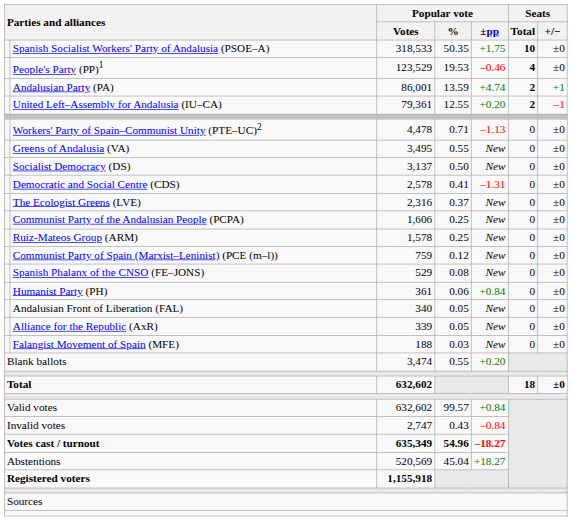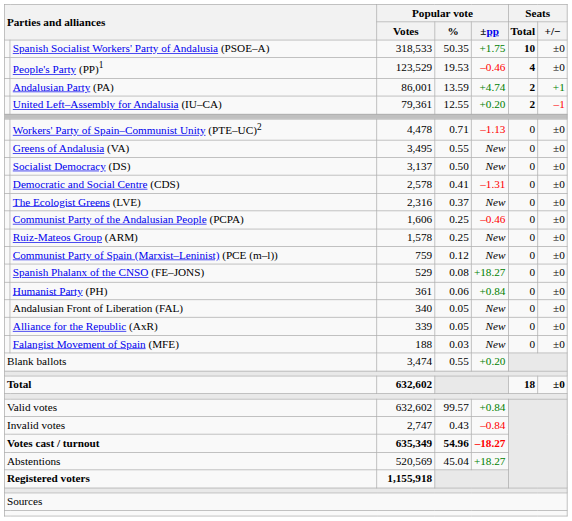 <table class="wikitable" style="text-align:right;">
 <tr>
 <th style="text-align:left;" rowspan="2" colspan="2" width="525">Parties and alliances</th>
 <th colspan="3">Popular vote</th>
 <th colspan="2">Seats</th>
 </tr>
 <tr>
 <th width="75">Votes</th>
 <th width="45">%</th>
 <th width="45">±<a href='#'>pp</a></th>
 <th width="35">Total</th>
 <th width="35">+/−</th>
 </tr>
 <tr>
 <td width="1" style="color:inherit;background:"></td>
 <td align="left"><a href='#'>Spanish Socialist Workers' Party of Andalusia</a> (PSOE–A)</td>
 <td>318,533</td>
 <td>50.35</td>
 <td style="color:green;">+1.75</td>
 <td><strong>10</strong></td>
 <td>±0</td>
 </tr>
 <tr>
 <td style="color:inherit;background:"></td>
 <td align="left"><a href='#'>People's Party</a> (PP)<sup>1</sup></td>
 <td>123,529</td>
 <td>19.53</td>
 <td style="color:red;">–0.46</td>
 <td><strong>4</strong></td>
 <td>±0</td>
 </tr>
 <tr>
 <td style="color:inherit;background:"></td>
 <td align="left"><a href='#'>Andalusian Party</a> (PA)</td>
 <td>86,001</td>
 <td>13.59</td>
 <td style="color:green;">+4.74</td>
 <td><strong>2</strong></td>
 <td style="color:green;">+1</td>
 </tr>
 <tr>
 <td style="color:inherit;background:"></td>
 <td align="left"><a href='#'>United Left–Assembly for Andalusia</a> (IU–CA)</td>
 <td>79,361</td>
 <td>12.55</td>
 <td style="color:green;">+0.20</td>
 <td><strong>2</strong></td>
 <td style="color:red;">–1</td>
 </tr>
 <tr>
 <td colspan="7" bgcolor="#C0C0C0"></td>
 </tr>
 <tr>
 <td style="color:inherit;background:"></td>
 <td align="left"><a href='#'>Workers' Party of Spain–Communist Unity</a> (PTE–UC)<sup>2</sup></td>
 <td>4,478</td>
 <td>0.71</td>
 <td style="color:red;">–1.13</td>
 <td>0</td>
 <td>±0</td>
 </tr>
 <tr>
 <td style="color:inherit;background:"></td>
 <td align="left"><a href='#'>Greens of Andalusia</a> (VA)</td>
 <td>3,495</td>
 <td>0.55</td>
 <td><em>New</em></td>
 <td>0</td>
 <td>±0</td>
 </tr>
 <tr>
 <td style="color:inherit;background:"></td>
 <td align="left"><a href='#'>Socialist Democracy</a> (DS)</td>
 <td>3,137</td>
 <td>0.50</td>
 <td><em>New</em></td>
 <td>0</td>
 <td>±0</td>
 </tr>
 <tr>
 <td style="color:inherit;background:"></td>
 <td align="left"><a href='#'>Democratic and Social Centre</a> (CDS)</td>
 <td>2,578</td>
 <td>0.41</td>
 <td style="color:red;">–1.31</td>
 <td>0</td>
 <td>±0</td>
 </tr>
 <tr>
 <td style="color:inherit;background:"></td>
 <td align="left"><a href='#'>The Ecologist Greens</a> (LVE)</td>
 <td>2,316</td>
 <td>0.37</td>
 <td><em>New</em></td>
 <td>0</td>
 <td>±0</td>
 </tr>
 <tr>
 <td style="color:inherit;background:"></td>
 <td align="left"><a href='#'>Communist Party of the Andalusian People</a> (PCPA)</td>
 <td>1,606</td>
 <td>0.25</td>
-<td><em>New</em></td>
+<td style="color:red;">–0.46</td>
 <td>0</td>
 <td>±0</td>
 </tr>
 <tr>
 <td style="color:inherit;background:"></td>
 <td align="left"><a href='#'>Ruiz-Mateos Group</a> (ARM)</td>
 <td>1,578</td>
 <td>0.25</td>
 <td><em>New</em></td>
 <td>0</td>
 <td>±0</td>
 </tr>
 <tr>
 <td style="color:inherit;background:"></td>
 <td align="left"><a href='#'>Communist Party of Spain (Marxist–Leninist)</a> (PCE (m–l))</td>
 <td>759</td>
 <td>0.12</td>
 <td><em>New</em></td>
 <td>0</td>
 <td>±0</td>
 </tr>
 <tr>
 <td style="color:inherit;background:"></td>
 <td align="left"><a href='#'>Spanish Phalanx of the CNSO</a> (FE–JONS)</td>
 <td>529</td>
 <td>0.08</td>
-<td><em>New</em></td>
+<td style="color:green;">+18.27</td>
 <td>0</td>
 <td>±0</td>
 </tr>
 <tr>
 <td style="color:inherit;background:"></td>
 <td align="left"><a href='#'>Humanist Party</a> (PH)</td>
 <td>361</td>
 <td>0.06</td>
 <td style="color:green;">+0.84</td>
 <td>0</td>
 <td>±0</td>
 </tr>
 <tr>
 <td style="color:inherit;background:"></td>
 <td align="left">Andalusian Front of Liberation (FAL)</td>
 <td>340</td>
 <td>0.05</td>
 <td><em>New</em></td>
 <td>0</td>
 <td>±0</td>
 </tr>
 <tr>
 <td style="color:inherit;background:"></td>
 <td align="left"><a href='#'>Alliance for the Republic</a> (AxR)</td>
 <td>339</td>
 <td>0.05</td>
 <td><em>New</em></td>
 <td>0</td>
 <td>±0</td>
 </tr>
 <tr>
 <td style="color:inherit;background:"></td>
 <td align="left"><a href='#'>Falangist Movement of Spain</a> (MFE)</td>
 <td>188</td>
 <td>0.03</td>
 <td><em>New</em></td>
 <td>0</td>
 <td>±0</td>
 </tr>
 <tr>
 <td align="left" colspan="2">Blank ballots</td>
 <td>3,474</td>
 <td>0.55</td>
 <td style="color:green;">+0.20</td>
 <td bgcolor="#E9E9E9" colspan="2"></td>
 </tr>
 <tr>
 <td colspan="7" bgcolor="#E9E9E9"></td>
 </tr>
 <tr style="font-weight:bold;">
 <td align="left" colspan="2">Total</td>
 <td>632,602</td>
 <td bgcolor="#E9E9E9" colspan="2"></td>
 <td>18</td>
 <td>±0</td>
 </tr>
 <tr>
 <td colspan="7" bgcolor="#E9E9E9"></td>
 </tr>
 <tr>
 <td align="left" colspan="2">Valid votes</td>
 <td>632,602</td>
 <td>99.57</td>
 <td style="color:green;">+0.84</td>
 <td bgcolor="#E9E9E9" colspan="2" rowspan="5"></td>
 </tr>
 <tr>
 <td align="left" colspan="2">Invalid votes</td>
 <td>2,747</td>
 <td>0.43</td>
 <td style="color:red;">–0.84</td>
 </tr>
 <tr style="font-weight:bold;">
 <td align="left" colspan="2">Votes cast / turnout</td>
 <td>635,349</td>
 <td>54.96</td>
 <td style="color:red;">–18.27</td>
 </tr>
 <tr>
 <td align="left" colspan="2">Abstentions</td>
 <td>520,569</td>
 <td>45.04</td>
 <td style="color:green;">+18.27</td>
 </tr>
 <tr style="font-weight:bold;">
 <td align="left" colspan="2">Registered voters</td>
 <td>1,155,918</td>
 <td bgcolor="#E9E9E9" colspan="2"></td>
 </tr>
 <tr>
 <td colspan="7" bgcolor="#E9E9E9"></td>
 </tr>
 <tr>
 <td align="left" colspan="7">Sources</td>
 </tr>
 <tr>
 <td colspan="7" style="text-align:left; max-width:790px;"></td>
 </tr>
 </table>
